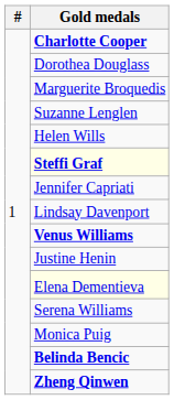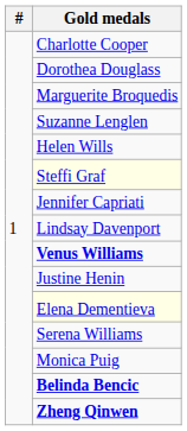 <table class="wikitable" style=display:inline-table>
 <tr>
 <th width=20>#</th>
 <th>Gold medals</th>
 </tr>
 <tr>
 <td rowspan="15">1</td>
-<td><strong> <a href='#'>Charlotte Cooper</a></strong></td>
+<td> <a href='#'>Charlotte Cooper</a></td>
 </tr>
 <tr>
 <td> <a href='#'>Dorothea Douglass</a></td>
 </tr>
 <tr>
 <td> <a href='#'>Marguerite Broquedis</a></td>
 </tr>
 <tr>
 <td> <a href='#'>Suzanne Lenglen</a></td>
 </tr>
 <tr>
 <td> <a href='#'>Helen Wills</a></td>
 </tr>
 <tr>
-<td style="background: #ffffe6;"><strong> <a href='#'>Steffi Graf</a><sup></sup></strong></td>
+<td style="background: #ffffe6;"> <a href='#'>Steffi Graf</a><sup></sup></td>
 </tr>
 <tr>
 <td> <a href='#'>Jennifer Capriati</a></td>
 </tr>
 <tr>
 <td> <a href='#'>Lindsay Davenport</a></td>
 </tr>
 <tr>
 <td><strong> <a href='#'>Venus Williams</a></strong></td>
 </tr>
 <tr>
 <td> <a href='#'>Justine Henin</a></td>
 </tr>
 <tr>
 <td style="background: #ffffe6;"> <a href='#'>Elena Dementieva</a><sup></sup></td>
 </tr>
 <tr>
 <td> <a href='#'>Serena Williams</a></td>
 </tr>
 <tr>
 <td> <a href='#'>Monica Puig</a></td>
 </tr>
 <tr>
 <td><strong> <a href='#'>Belinda Bencic</a></strong></td>
 </tr>
 <tr>
 <td><strong> <a href='#'>Zheng Qinwen</a></strong></td>
 </tr>
 </table>
